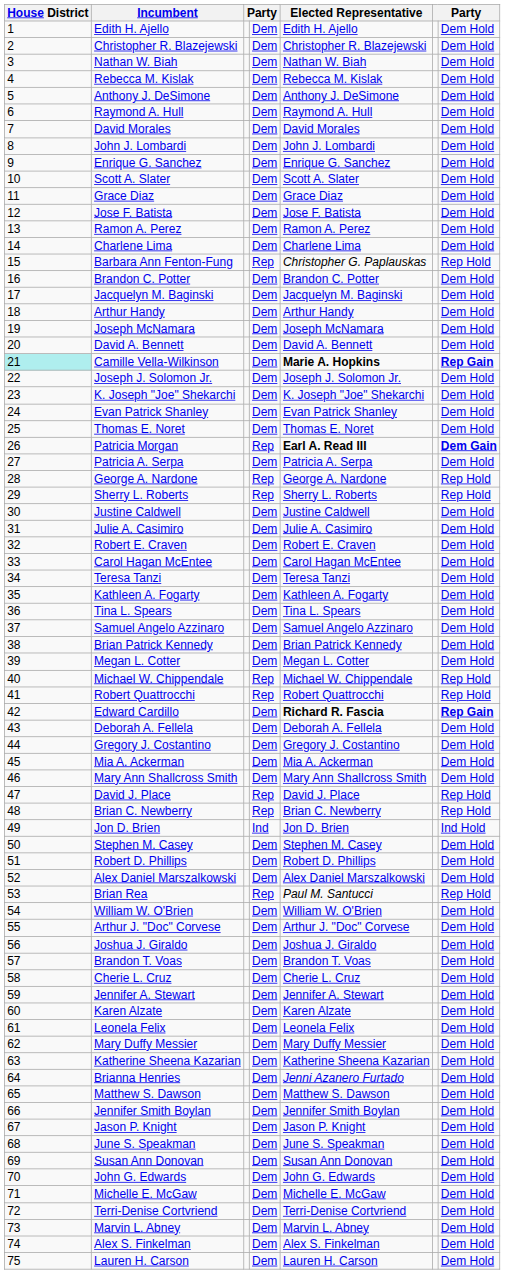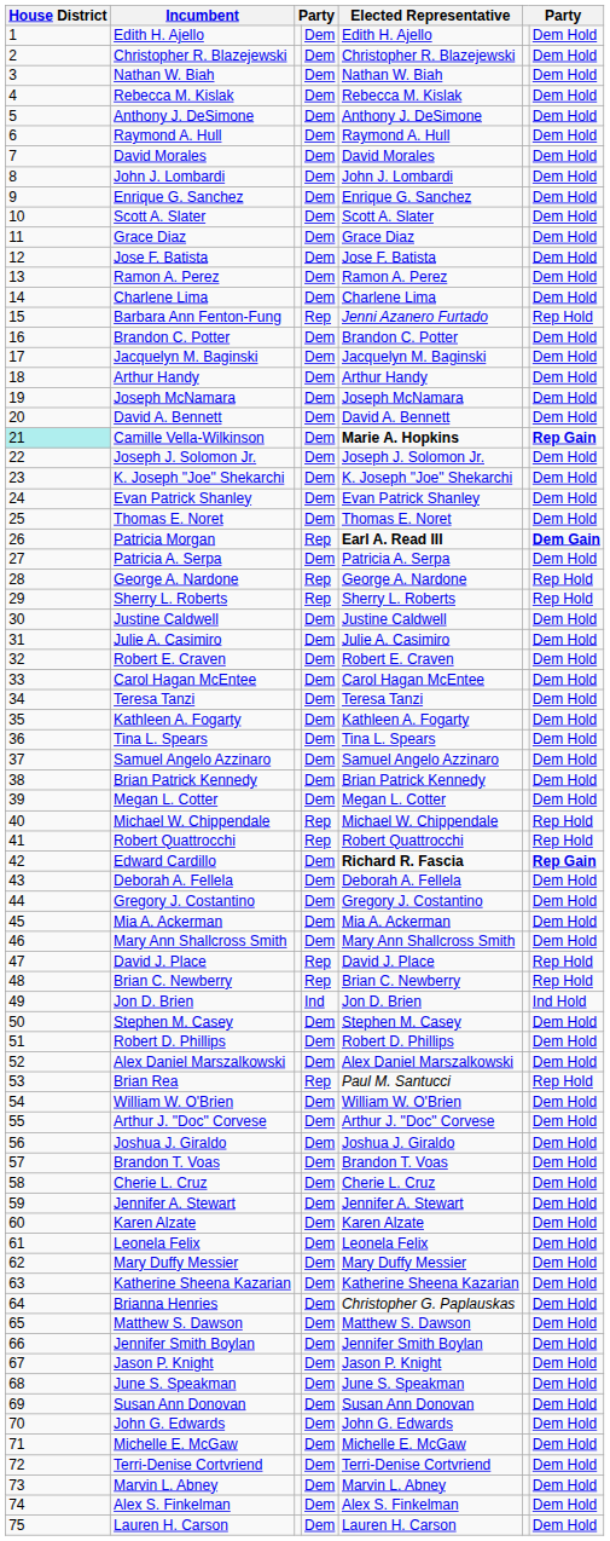 <table class="sortable wikitable" style="font-size:95%;line-height:14px;">
 <tr>
 <th colspan="1" class="sortable"><a href='#'>House</a> District</th>
 <th class="unsortable"><a href='#'>Incumbent</a></th>
 <th colspan="2">Party</th>
 <th class="unsortable">Elected Representative</th>
 <th colspan="2">Party</th>
 </tr>
 <tr>
 <td>1</td>
 <td><a href='#'>Edith H. Ajello</a></td>
 <td style="background:"></td>
 <td><a href='#'>Dem</a></td>
 <td><a href='#'>Edith H. Ajello</a></td>
 <td style="background:"></td>
 <td><a href='#'>Dem Hold</a></td>
 </tr>
 <tr>
 <td>2</td>
 <td><a href='#'>Christopher R. Blazejewski</a></td>
 <td style="background:"></td>
 <td><a href='#'>Dem</a></td>
 <td><a href='#'>Christopher R. Blazejewski</a></td>
 <td style="background:"></td>
 <td><a href='#'>Dem Hold</a></td>
 </tr>
 <tr>
 <td>3</td>
 <td><a href='#'>Nathan W. Biah</a></td>
 <td style="background:"></td>
 <td><a href='#'>Dem</a></td>
 <td><a href='#'>Nathan W. Biah</a></td>
 <td style="background:"></td>
 <td><a href='#'>Dem Hold</a></td>
 </tr>
 <tr>
 <td>4</td>
 <td><a href='#'>Rebecca M. Kislak</a></td>
 <td style="background:"></td>
 <td><a href='#'>Dem</a></td>
 <td><a href='#'>Rebecca M. Kislak</a></td>
 <td style="background:"></td>
 <td><a href='#'>Dem Hold</a></td>
 </tr>
 <tr>
 <td>5</td>
 <td><a href='#'>Anthony J. DeSimone</a></td>
 <td style="background:"></td>
 <td><a href='#'>Dem</a></td>
 <td><a href='#'>Anthony J. DeSimone</a></td>
 <td style="background:"></td>
 <td><a href='#'>Dem Hold</a></td>
 </tr>
 <tr>
 <td>6</td>
 <td><a href='#'>Raymond A. Hull</a></td>
 <td style="background:"></td>
 <td><a href='#'>Dem</a></td>
 <td><a href='#'>Raymond A. Hull</a></td>
 <td style="background:"></td>
 <td><a href='#'>Dem Hold</a></td>
 </tr>
 <tr>
 <td>7</td>
 <td><a href='#'>David Morales</a></td>
 <td style="background:"></td>
 <td><a href='#'>Dem</a></td>
 <td><a href='#'>David Morales</a></td>
 <td style="background:"></td>
 <td><a href='#'>Dem Hold</a></td>
 </tr>
 <tr>
 <td>8</td>
 <td><a href='#'>John J. Lombardi</a></td>
 <td style="background:"></td>
 <td><a href='#'>Dem</a></td>
 <td><a href='#'>John J. Lombardi</a></td>
 <td style="background:"></td>
 <td><a href='#'>Dem Hold</a></td>
 </tr>
 <tr>
 <td>9</td>
 <td><a href='#'>Enrique G. Sanchez</a></td>
 <td style="background:"></td>
 <td><a href='#'>Dem</a></td>
 <td><a href='#'>Enrique G. Sanchez</a></td>
 <td style="background:"></td>
 <td><a href='#'>Dem Hold</a></td>
 </tr>
 <tr>
 <td>10</td>
 <td><a href='#'>Scott A. Slater</a></td>
 <td style="background:"></td>
 <td><a href='#'>Dem</a></td>
 <td><a href='#'>Scott A. Slater</a></td>
 <td style="background:"></td>
 <td><a href='#'>Dem Hold</a></td>
 </tr>
 <tr>
 <td>11</td>
 <td><a href='#'>Grace Diaz</a></td>
 <td style="background:"></td>
 <td><a href='#'>Dem</a></td>
 <td><a href='#'>Grace Diaz</a></td>
 <td style="background:"></td>
 <td><a href='#'>Dem Hold</a></td>
 </tr>
 <tr>
 <td>12</td>
 <td><a href='#'>Jose F. Batista</a></td>
 <td style="background:"></td>
 <td><a href='#'>Dem</a></td>
 <td><a href='#'>Jose F. Batista</a></td>
 <td style="background:"></td>
 <td><a href='#'>Dem Hold</a></td>
 </tr>
 <tr>
 <td>13</td>
 <td><a href='#'>Ramon A. Perez</a></td>
 <td style="background:"></td>
 <td><a href='#'>Dem</a></td>
 <td><a href='#'>Ramon A. Perez</a></td>
 <td style="background:"></td>
 <td><a href='#'>Dem Hold</a></td>
 </tr>
 <tr>
 <td>14</td>
 <td><a href='#'>Charlene Lima</a></td>
 <td style="background:"></td>
 <td><a href='#'>Dem</a></td>
 <td><a href='#'>Charlene Lima</a></td>
 <td style="background:"></td>
 <td><a href='#'>Dem Hold</a></td>
 </tr>
 <tr>
 <td>15</td>
 <td><a href='#'>Barbara Ann Fenton-Fung</a></td>
 <td style="background:"></td>
 <td><a href='#'>Rep</a></td>
-<td><em>Christopher G. Paplauskas</em></td>
+<td><em><a href='#'>Jenni Azanero Furtado</a></em></td>
 <td style="background:"></td>
 <td><a href='#'>Rep Hold</a></td>
 </tr>
 <tr>
 <td>16</td>
 <td><a href='#'>Brandon C. Potter</a></td>
 <td style="background:"></td>
 <td><a href='#'>Dem</a></td>
 <td><a href='#'>Brandon C. Potter</a></td>
 <td style="background:"></td>
 <td><a href='#'>Dem Hold</a></td>
 </tr>
 <tr>
 <td>17</td>
 <td><a href='#'>Jacquelyn M. Baginski</a></td>
 <td style="background:"></td>
 <td><a href='#'>Dem</a></td>
 <td><a href='#'>Jacquelyn M. Baginski</a></td>
 <td style="background:"></td>
 <td><a href='#'>Dem Hold</a></td>
 </tr>
 <tr>
 <td>18</td>
 <td><a href='#'>Arthur Handy</a></td>
 <td style="background:"></td>
 <td><a href='#'>Dem</a></td>
 <td><a href='#'>Arthur Handy</a></td>
 <td style="background:"></td>
 <td><a href='#'>Dem Hold</a></td>
 </tr>
 <tr>
 <td>19</td>
 <td><a href='#'>Joseph McNamara</a></td>
 <td style="background:"></td>
 <td><a href='#'>Dem</a></td>
 <td><a href='#'>Joseph McNamara</a></td>
 <td style="background:"></td>
 <td><a href='#'>Dem Hold</a></td>
 </tr>
 <tr>
 <td>20</td>
 <td><a href='#'>David A. Bennett</a></td>
 <td style="background:"></td>
 <td><a href='#'>Dem</a></td>
 <td><a href='#'>David A. Bennett</a></td>
 <td style="background:"></td>
 <td><a href='#'>Dem Hold</a></td>
 </tr>
 <tr>
 <td style="background: paleturquoise;">21</td>
 <td><a href='#'>Camille Vella-Wilkinson</a></td>
 <td style="background:"></td>
 <td><a href='#'>Dem</a></td>
 <td><strong>Marie A. Hopkins</strong></td>
 <td style="background:"></td>
 <td><strong><a href='#'>Rep Gain</a></strong></td>
 </tr>
 <tr>
 <td>22</td>
 <td><a href='#'>Joseph J. Solomon Jr.</a></td>
 <td style="background:"></td>
 <td><a href='#'>Dem</a></td>
 <td><a href='#'>Joseph J. Solomon Jr.</a></td>
 <td style="background:"></td>
 <td><a href='#'>Dem Hold</a></td>
 </tr>
 <tr>
 <td>23</td>
 <td><a href='#'>K. Joseph "Joe" Shekarchi</a></td>
 <td style="background:"></td>
 <td><a href='#'>Dem</a></td>
 <td><a href='#'>K. Joseph "Joe" Shekarchi</a></td>
 <td style="background:"></td>
 <td><a href='#'>Dem Hold</a></td>
 </tr>
 <tr>
 <td>24</td>
 <td><a href='#'>Evan Patrick Shanley</a></td>
 <td style="background:"></td>
 <td><a href='#'>Dem</a></td>
 <td><a href='#'>Evan Patrick Shanley</a></td>
 <td style="background:"></td>
 <td><a href='#'>Dem Hold</a></td>
 </tr>
 <tr>
 <td>25</td>
 <td><a href='#'>Thomas E. Noret</a></td>
 <td style="background:"></td>
 <td><a href='#'>Dem</a></td>
 <td><a href='#'>Thomas E. Noret</a></td>
 <td style="background:"></td>
 <td><a href='#'>Dem Hold</a></td>
 </tr>
 <tr>
 <td>26</td>
 <td><a href='#'>Patricia Morgan</a></td>
 <td style="background:"></td>
 <td><a href='#'>Rep</a></td>
 <td><strong>Earl A. Read III</strong></td>
 <td style="background:"></td>
 <td><strong><a href='#'>Dem Gain</a></strong></td>
 </tr>
 <tr>
 <td>27</td>
 <td><a href='#'>Patricia A. Serpa</a></td>
 <td style="background:"></td>
 <td><a href='#'>Dem</a></td>
 <td><a href='#'>Patricia A. Serpa</a></td>
 <td style="background:"></td>
 <td><a href='#'>Dem Hold</a></td>
 </tr>
 <tr>
 <td>28</td>
 <td><a href='#'>George A. Nardone</a></td>
 <td style="background:"></td>
 <td><a href='#'>Rep</a></td>
 <td><a href='#'>George A. Nardone</a></td>
 <td style="background:"></td>
 <td><a href='#'>Rep Hold</a></td>
 </tr>
 <tr>
 <td>29</td>
 <td><a href='#'>Sherry L. Roberts</a></td>
 <td style="background:"></td>
 <td><a href='#'>Rep</a></td>
 <td><a href='#'>Sherry L. Roberts</a></td>
 <td style="background:"></td>
 <td><a href='#'>Rep Hold</a></td>
 </tr>
 <tr>
 <td>30</td>
 <td><a href='#'>Justine Caldwell</a></td>
 <td style="background:"></td>
 <td><a href='#'>Dem</a></td>
 <td><a href='#'>Justine Caldwell</a></td>
 <td style="background:"></td>
 <td><a href='#'>Dem Hold</a></td>
 </tr>
 <tr>
 <td>31</td>
 <td><a href='#'>Julie A. Casimiro</a></td>
 <td style="background:"></td>
 <td><a href='#'>Dem</a></td>
 <td><a href='#'>Julie A. Casimiro</a></td>
 <td style="background:"></td>
 <td><a href='#'>Dem Hold</a></td>
 </tr>
 <tr>
 <td>32</td>
 <td><a href='#'>Robert E. Craven</a></td>
 <td style="background:"></td>
 <td><a href='#'>Dem</a></td>
 <td><a href='#'>Robert E. Craven</a></td>
 <td style="background:"></td>
 <td><a href='#'>Dem Hold</a></td>
 </tr>
 <tr>
 <td>33</td>
 <td><a href='#'>Carol Hagan McEntee</a></td>
 <td style="background:"></td>
 <td><a href='#'>Dem</a></td>
 <td><a href='#'>Carol Hagan McEntee</a></td>
 <td style="background:"></td>
 <td><a href='#'>Dem Hold</a></td>
 </tr>
 <tr>
 <td>34</td>
 <td><a href='#'>Teresa Tanzi</a></td>
 <td style="background:"></td>
 <td><a href='#'>Dem</a></td>
 <td><a href='#'>Teresa Tanzi</a></td>
 <td style="background:"></td>
 <td><a href='#'>Dem Hold</a></td>
 </tr>
 <tr>
 <td>35</td>
 <td><a href='#'>Kathleen A. Fogarty</a></td>
 <td style="background:"></td>
 <td><a href='#'>Dem</a></td>
 <td><a href='#'>Kathleen A. Fogarty</a></td>
 <td style="background:"></td>
 <td><a href='#'>Dem Hold</a></td>
 </tr>
 <tr>
 <td>36</td>
 <td><a href='#'>Tina L. Spears</a></td>
 <td style="background:"></td>
 <td><a href='#'>Dem</a></td>
 <td><a href='#'>Tina L. Spears</a></td>
 <td style="background:"></td>
 <td><a href='#'>Dem Hold</a></td>
 </tr>
 <tr>
 <td>37</td>
 <td><a href='#'>Samuel Angelo Azzinaro</a></td>
 <td style="background:"></td>
 <td><a href='#'>Dem</a></td>
 <td><a href='#'>Samuel Angelo Azzinaro</a></td>
 <td style="background:"></td>
 <td><a href='#'>Dem Hold</a></td>
 </tr>
 <tr>
 <td>38</td>
 <td><a href='#'>Brian Patrick Kennedy</a></td>
 <td style="background:"></td>
 <td><a href='#'>Dem</a></td>
 <td><a href='#'>Brian Patrick Kennedy</a></td>
 <td style="background:"></td>
 <td><a href='#'>Dem Hold</a></td>
 </tr>
 <tr>
 <td>39</td>
 <td><a href='#'>Megan L. Cotter</a></td>
 <td style="background:"></td>
 <td><a href='#'>Dem</a></td>
 <td><a href='#'>Megan L. Cotter</a></td>
 <td style="background:"></td>
 <td><a href='#'>Dem Hold</a></td>
 </tr>
 <tr>
 <td>40</td>
 <td><a href='#'>Michael W. Chippendale</a></td>
 <td style="background:"></td>
 <td><a href='#'>Rep</a></td>
 <td><a href='#'>Michael W. Chippendale</a></td>
 <td style="background:"></td>
 <td><a href='#'>Rep Hold</a></td>
 </tr>
 <tr>
 <td>41</td>
 <td><a href='#'>Robert Quattrocchi</a></td>
 <td style="background:"></td>
 <td><a href='#'>Rep</a></td>
 <td><a href='#'>Robert Quattrocchi</a></td>
 <td style="background:"></td>
 <td><a href='#'>Rep Hold</a></td>
 </tr>
 <tr>
 <td>42</td>
 <td><a href='#'>Edward Cardillo</a></td>
 <td style="background:"></td>
 <td><a href='#'>Dem</a></td>
 <td><strong>Richard R. Fascia</strong></td>
 <td style="background:"></td>
 <td><strong><a href='#'>Rep Gain</a></strong></td>
 </tr>
 <tr>
 <td>43</td>
 <td><a href='#'>Deborah A. Fellela</a></td>
 <td style="background:"></td>
 <td><a href='#'>Dem</a></td>
 <td><a href='#'>Deborah A. Fellela</a></td>
 <td style="background:"></td>
 <td><a href='#'>Dem Hold</a></td>
 </tr>
 <tr>
 <td>44</td>
 <td><a href='#'>Gregory J. Costantino</a></td>
 <td style="background:"></td>
 <td><a href='#'>Dem</a></td>
 <td><a href='#'>Gregory J. Costantino</a></td>
 <td style="background:"></td>
 <td><a href='#'>Dem Hold</a></td>
 </tr>
 <tr>
 <td>45</td>
 <td><a href='#'>Mia A. Ackerman</a></td>
 <td style="background:"></td>
 <td><a href='#'>Dem</a></td>
 <td><a href='#'>Mia A. Ackerman</a></td>
 <td style="background:"></td>
 <td><a href='#'>Dem Hold</a></td>
 </tr>
 <tr>
 <td>46</td>
 <td><a href='#'>Mary Ann Shallcross Smith</a></td>
 <td style="background:"></td>
 <td><a href='#'>Dem</a></td>
 <td><a href='#'>Mary Ann Shallcross Smith</a></td>
 <td style="background:"></td>
 <td><a href='#'>Dem Hold</a></td>
 </tr>
 <tr>
 <td>47</td>
 <td><a href='#'>David J. Place</a></td>
 <td style="background:"></td>
 <td><a href='#'>Rep</a></td>
 <td><a href='#'>David J. Place</a></td>
 <td style="background:"></td>
 <td><a href='#'>Rep Hold</a></td>
 </tr>
 <tr>
 <td>48</td>
 <td><a href='#'>Brian C. Newberry</a></td>
 <td style="background:"></td>
 <td><a href='#'>Rep</a></td>
 <td><a href='#'>Brian C. Newberry</a></td>
 <td style="background:"></td>
 <td><a href='#'>Rep Hold</a></td>
 </tr>
 <tr>
 <td>49</td>
 <td><a href='#'>Jon D. Brien</a></td>
 <td style="background:"></td>
 <td><a href='#'>Ind</a></td>
 <td><a href='#'>Jon D. Brien</a></td>
 <td style="background:"></td>
 <td><a href='#'>Ind Hold</a></td>
 </tr>
 <tr>
 <td>50</td>
 <td><a href='#'>Stephen M. Casey</a></td>
 <td style="background:"></td>
 <td><a href='#'>Dem</a></td>
 <td><a href='#'>Stephen M. Casey</a></td>
 <td style="background:"></td>
 <td><a href='#'>Dem Hold</a></td>
 </tr>
 <tr>
 <td>51</td>
 <td><a href='#'>Robert D. Phillips</a></td>
 <td style="background:"></td>
 <td><a href='#'>Dem</a></td>
 <td><a href='#'>Robert D. Phillips</a></td>
 <td style="background:"></td>
 <td><a href='#'>Dem Hold</a></td>
 </tr>
 <tr>
 <td>52</td>
 <td><a href='#'>Alex Daniel Marszalkowski</a></td>
 <td style="background:"></td>
 <td><a href='#'>Dem</a></td>
 <td><a href='#'>Alex Daniel Marszalkowski</a></td>
 <td style="background:"></td>
 <td><a href='#'>Dem Hold</a></td>
 </tr>
 <tr>
 <td>53</td>
 <td><a href='#'>Brian Rea</a></td>
 <td style="background:"></td>
 <td><a href='#'>Rep</a></td>
 <td><em>Paul M. Santucci</em></td>
 <td style="background:"></td>
 <td><a href='#'>Rep Hold</a></td>
 </tr>
 <tr>
 <td>54</td>
 <td><a href='#'>William W. O'Brien</a></td>
 <td style="background:"></td>
 <td><a href='#'>Dem</a></td>
 <td><a href='#'>William W. O'Brien</a></td>
 <td style="background:"></td>
 <td><a href='#'>Dem Hold</a></td>
 </tr>
 <tr>
 <td>55</td>
 <td><a href='#'>Arthur J. "Doc" Corvese</a></td>
 <td style="background:"></td>
 <td><a href='#'>Dem</a></td>
 <td><a href='#'>Arthur J. "Doc" Corvese</a></td>
 <td style="background:"></td>
 <td><a href='#'>Dem Hold</a></td>
 </tr>
 <tr>
 <td>56</td>
 <td><a href='#'>Joshua J. Giraldo</a></td>
 <td style="background:"></td>
 <td><a href='#'>Dem</a></td>
 <td><a href='#'>Joshua J. Giraldo</a></td>
 <td style="background:"></td>
 <td><a href='#'>Dem Hold</a></td>
 </tr>
 <tr>
 <td>57</td>
 <td><a href='#'>Brandon T. Voas</a></td>
 <td style="background:"></td>
 <td><a href='#'>Dem</a></td>
 <td><a href='#'>Brandon T. Voas</a></td>
 <td style="background:"></td>
 <td><a href='#'>Dem Hold</a></td>
 </tr>
 <tr>
 <td>58</td>
 <td><a href='#'>Cherie L. Cruz</a></td>
 <td style="background:"></td>
 <td><a href='#'>Dem</a></td>
 <td><a href='#'>Cherie L. Cruz</a></td>
 <td style="background:"></td>
 <td><a href='#'>Dem Hold</a></td>
 </tr>
 <tr>
 <td>59</td>
 <td><a href='#'>Jennifer A. Stewart</a></td>
 <td style="background:"></td>
 <td><a href='#'>Dem</a></td>
 <td><a href='#'>Jennifer A. Stewart</a></td>
 <td style="background:"></td>
 <td><a href='#'>Dem Hold</a></td>
 </tr>
 <tr>
 <td>60</td>
 <td><a href='#'>Karen Alzate</a></td>
 <td style="background:"></td>
 <td><a href='#'>Dem</a></td>
 <td><a href='#'>Karen Alzate</a></td>
 <td style="background:"></td>
 <td><a href='#'>Dem Hold</a></td>
 </tr>
 <tr>
 <td>61</td>
 <td><a href='#'>Leonela Felix</a></td>
 <td style="background:"></td>
 <td><a href='#'>Dem</a></td>
 <td><a href='#'>Leonela Felix</a></td>
 <td style="background:"></td>
 <td><a href='#'>Dem Hold</a></td>
 </tr>
 <tr>
 <td>62</td>
 <td><a href='#'>Mary Duffy Messier</a></td>
 <td style="background:"></td>
 <td><a href='#'>Dem</a></td>
 <td><a href='#'>Mary Duffy Messier</a></td>
 <td style="background:"></td>
 <td><a href='#'>Dem Hold</a></td>
 </tr>
 <tr>
 <td>63</td>
 <td><a href='#'>Katherine Sheena Kazarian</a></td>
 <td style="background:"></td>
 <td><a href='#'>Dem</a></td>
 <td><a href='#'>Katherine Sheena Kazarian</a></td>
 <td style="background:"></td>
 <td><a href='#'>Dem Hold</a></td>
 </tr>
 <tr>
 <td>64</td>
 <td><a href='#'>Brianna Henries</a></td>
 <td style="background:"></td>
 <td><a href='#'>Dem</a></td>
-<td><em><a href='#'>Jenni Azanero Furtado</a></em></td>
+<td><em>Christopher G. Paplauskas</em></td>
 <td style="background:"></td>
 <td><a href='#'>Dem Hold</a></td>
 </tr>
 <tr>
 <td>65</td>
 <td><a href='#'>Matthew S. Dawson</a></td>
 <td style="background:"></td>
 <td><a href='#'>Dem</a></td>
 <td><a href='#'>Matthew S. Dawson</a></td>
 <td style="background:"></td>
 <td><a href='#'>Dem Hold</a></td>
 </tr>
 <tr>
 <td>66</td>
 <td><a href='#'>Jennifer Smith Boylan</a></td>
 <td style="background:"></td>
 <td><a href='#'>Dem</a></td>
 <td><a href='#'>Jennifer Smith Boylan</a></td>
 <td style="background:"></td>
 <td><a href='#'>Dem Hold</a></td>
 </tr>
 <tr>
 <td>67</td>
 <td><a href='#'>Jason P. Knight</a></td>
 <td style="background:"></td>
 <td><a href='#'>Dem</a></td>
 <td><a href='#'>Jason P. Knight</a></td>
 <td style="background:"></td>
 <td><a href='#'>Dem Hold</a></td>
 </tr>
 <tr>
 <td>68</td>
 <td><a href='#'>June S. Speakman</a></td>
 <td style="background:"></td>
 <td><a href='#'>Dem</a></td>
 <td><a href='#'>June S. Speakman</a></td>
 <td style="background:"></td>
 <td><a href='#'>Dem Hold</a></td>
 </tr>
 <tr>
 <td>69</td>
 <td><a href='#'>Susan Ann Donovan</a></td>
 <td style="background:"></td>
 <td><a href='#'>Dem</a></td>
 <td><a href='#'>Susan Ann Donovan</a></td>
 <td style="background:"></td>
 <td><a href='#'>Dem Hold</a></td>
 </tr>
 <tr>
 <td>70</td>
 <td><a href='#'>John G. Edwards</a></td>
 <td style="background:"></td>
 <td><a href='#'>Dem</a></td>
 <td><a href='#'>John G. Edwards</a></td>
 <td style="background:"></td>
 <td><a href='#'>Dem Hold</a></td>
 </tr>
 <tr>
 <td>71</td>
 <td><a href='#'>Michelle E. McGaw</a></td>
 <td style="background:"></td>
 <td><a href='#'>Dem</a></td>
 <td><a href='#'>Michelle E. McGaw</a></td>
 <td style="background:"></td>
 <td><a href='#'>Dem Hold</a></td>
 </tr>
 <tr>
 <td>72</td>
 <td><a href='#'>Terri-Denise Cortvriend</a></td>
 <td style="background:"></td>
 <td><a href='#'>Dem</a></td>
 <td><a href='#'>Terri-Denise Cortvriend</a></td>
 <td style="background:"></td>
 <td><a href='#'>Dem Hold</a></td>
 </tr>
 <tr>
 <td>73</td>
 <td><a href='#'>Marvin L. Abney</a></td>
 <td style="background:"></td>
 <td><a href='#'>Dem</a></td>
 <td><a href='#'>Marvin L. Abney</a></td>
 <td style="background:"></td>
 <td><a href='#'>Dem Hold</a></td>
 </tr>
 <tr>
 <td>74</td>
 <td><a href='#'>Alex S. Finkelman</a></td>
 <td style="background:"></td>
 <td><a href='#'>Dem</a></td>
 <td><a href='#'>Alex S. Finkelman</a></td>
 <td style="background:"></td>
 <td><a href='#'>Dem Hold</a></td>
 </tr>
 <tr>
 <td>75</td>
 <td><a href='#'>Lauren H. Carson</a></td>
 <td style="background:"></td>
 <td><a href='#'>Dem</a></td>
 <td><a href='#'>Lauren H. Carson</a></td>
 <td style="background:"></td>
 <td><a href='#'>Dem Hold</a></td>
 </tr>
 </table>
